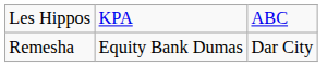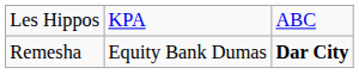 <table class="wikitable">
 <tr>
 <td> Les Hippos</td>
 <td> <a href='#'>KPA</a></td>
 <td> <a href='#'>ABC</a></td>
 </tr>
 <tr>
 <td> Remesha</td>
 <td> Equity Bank Dumas</td>
-<td> Dar City</td>
+<td><strong> Dar City</strong></td>
 </tr>
 </table>
